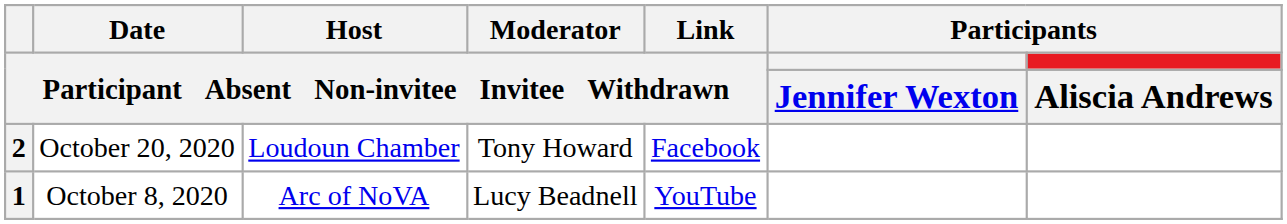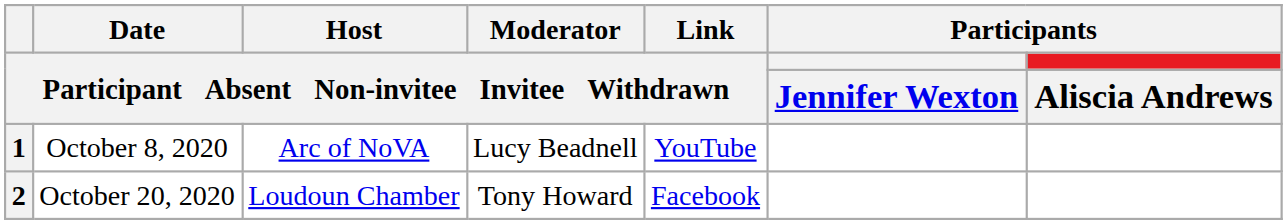 <table class="wikitable mw-collapsible"  style="text-align:center;">
 <tr style="font-size:small;">
 <th scope="col"></th>
 <th scope="col">Date</th>
 <th scope="col">Host</th>
 <th scope="col">Moderator</th>
 <th scope="col">Link</th>
 <th scope="col" colspan="2">Participants</th>
 </tr>
 <tr>
 <th colspan="5" rowspan="2"> <small>Participant  </small> <small>Absent  </small> <small>Non-invitee  </small> <small>Invitee  </small> <small>Withdrawn</small></th>
 <th scope="col" style="background:"></th>
 <th scope="col" style="background:#E81B23;"></th>
 </tr>
 <tr>
 <th scope="col"><a href='#'>Jennifer Wexton</a></th>
 <th scope="col">Aliscia Andrews</th>
 </tr>
 <tr style="background:#fff; font-size:small;">
+<th scope="row">1</th>
+<td style="white-space:nowrap;">October 8, 2020</td>
+<td style="white-space:nowrap;"><a href='#'>Arc of NoVA</a></td>
+<td style="white-space:nowrap;">Lucy Beadnell</td>
+<td style="white-space:nowrap;"><a href='#'>YouTube</a></td>
+<td></td>
+<td></td>
+</tr>
+<tr style="background:#fff; font-size:small;">
 <th scope="row">2</th>
 <td style="white-space:nowrap;">October 20, 2020</td>
 <td style="white-space:nowrap;"><a href='#'>Loudoun Chamber</a></td>
 <td style="white-space:nowrap;">Tony Howard</td>
 <td style="white-space:nowrap;"><a href='#'>Facebook</a></td>
 <td></td>
 <td></td>
 </tr>
-<tr style="background:#fff; font-size:small;">
-<th scope="row">1</th>
-<td style="white-space:nowrap;">October 8, 2020</td>
-<td style="white-space:nowrap;"><a href='#'>Arc of NoVA</a></td>
-<td style="white-space:nowrap;">Lucy Beadnell</td>
-<td style="white-space:nowrap;"><a href='#'>YouTube</a></td>
-<td></td>
-<td></td>
-</tr>
 </table>
